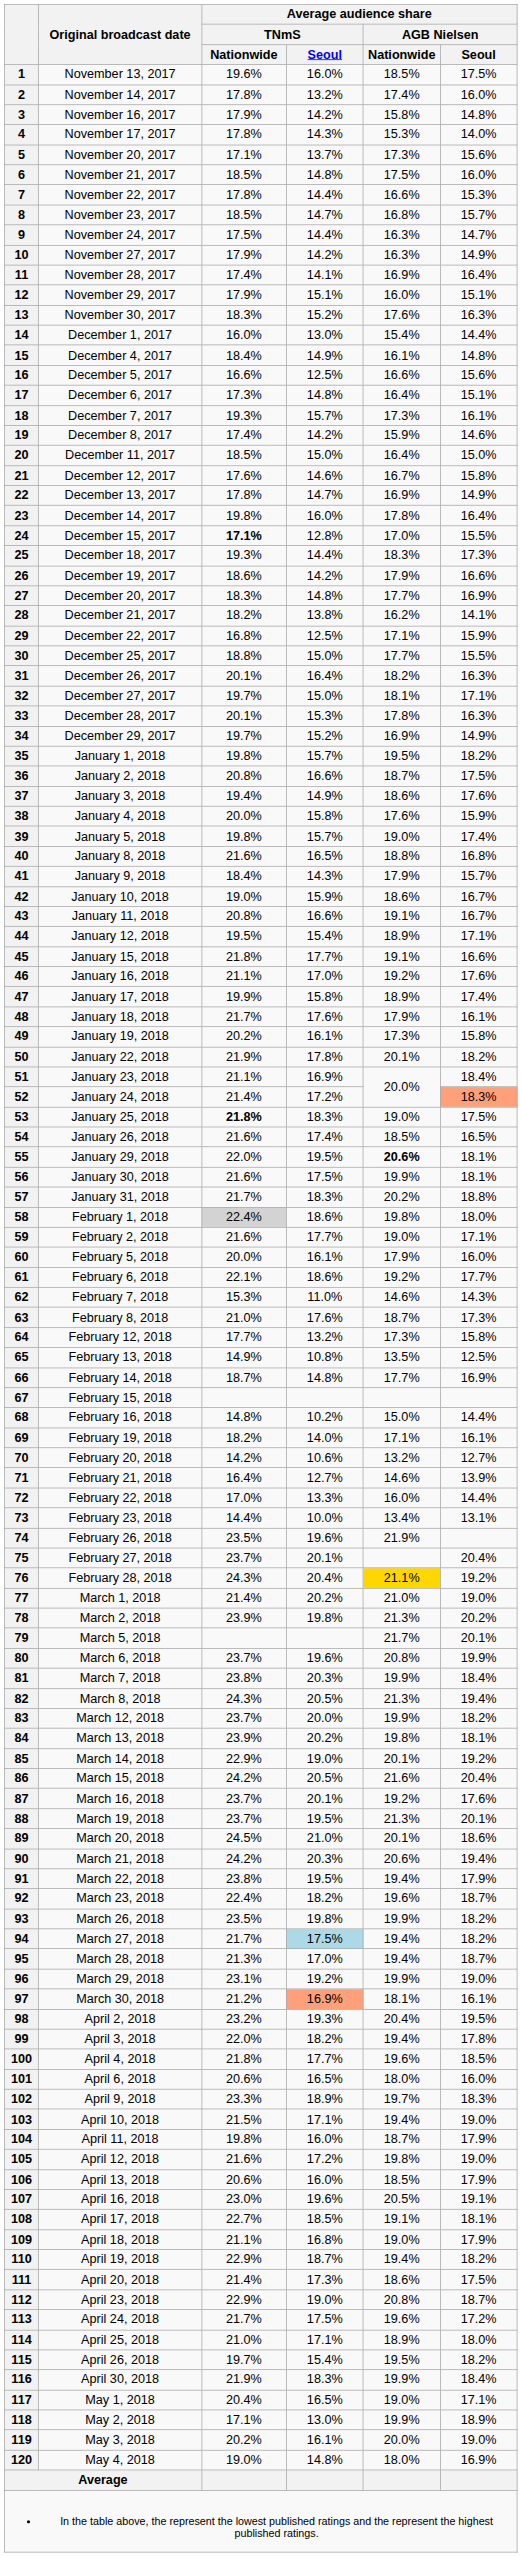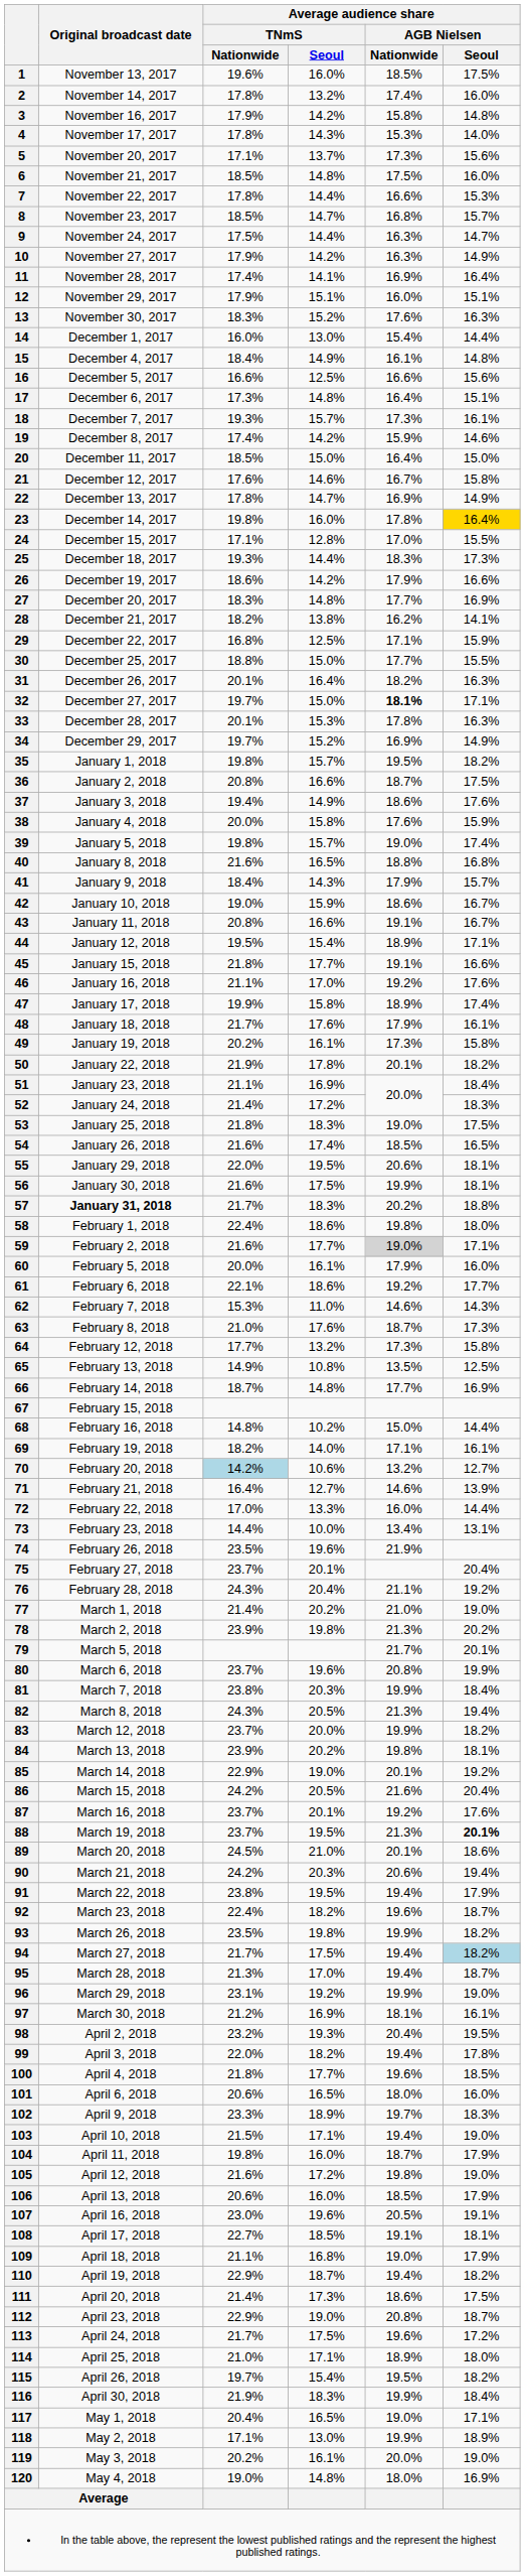 <table class="wikitable" style="text-align:center; max-width:650px">
 <tr>
 <th rowspan="3"></th>
 <th rowspan="3">Original broadcast date</th>
 <th colspan="4">Average audience share</th>
 </tr>
 <tr>
 <th colspan="2">TNmS</th>
 <th colspan="2">AGB Nielsen</th>
 </tr>
 <tr>
 <th width=100>Nationwide</th>
 <th width=90><a href='#'>Seoul</a></th>
 <th width=90>Nationwide</th>
 <th width=90>Seoul</th>
 </tr>
 <tr>
 <th>1</th>
 <td>November 13, 2017</td>
 <td>19.6% </td>
 <td>16.0% </td>
 <td>18.5% </td>
 <td>17.5% </td>
 </tr>
 <tr>
 <th>2</th>
 <td>November 14, 2017</td>
 <td>17.8% </td>
 <td>13.2% </td>
 <td>17.4% </td>
 <td>16.0% </td>
 </tr>
 <tr>
 <th>3</th>
 <td>November 16, 2017</td>
 <td>17.9% </td>
 <td>14.2% </td>
 <td>15.8% </td>
 <td>14.8% </td>
 </tr>
 <tr>
 <th>4</th>
 <td>November 17, 2017</td>
 <td>17.8% </td>
 <td>14.3% </td>
 <td>15.3% </td>
 <td>14.0% </td>
 </tr>
 <tr>
 <th>5</th>
 <td>November 20, 2017</td>
 <td>17.1% </td>
 <td>13.7% </td>
 <td>17.3% </td>
 <td>15.6% </td>
 </tr>
 <tr>
 <th>6</th>
 <td>November 21, 2017</td>
 <td>18.5% </td>
 <td>14.8% </td>
 <td>17.5% </td>
 <td>16.0% </td>
 </tr>
 <tr>
 <th>7</th>
 <td>November 22, 2017</td>
 <td>17.8% </td>
 <td>14.4% </td>
 <td>16.6% </td>
 <td>15.3% </td>
 </tr>
 <tr>
 <th>8</th>
 <td>November 23, 2017</td>
 <td>18.5% </td>
 <td>14.7% </td>
 <td>16.8% </td>
 <td>15.7% </td>
 </tr>
 <tr>
 <th>9</th>
 <td>November 24, 2017</td>
 <td>17.5% </td>
 <td>14.4% </td>
 <td>16.3% </td>
 <td>14.7% </td>
 </tr>
 <tr>
 <th>10</th>
 <td>November 27, 2017</td>
 <td>17.9% </td>
 <td>14.2% </td>
 <td>16.3% </td>
 <td>14.9% </td>
 </tr>
 <tr>
 <th>11</th>
 <td>November 28, 2017</td>
 <td>17.4% </td>
 <td>14.1% </td>
 <td>16.9% </td>
 <td>16.4% </td>
 </tr>
 <tr>
 <th>12</th>
 <td>November 29, 2017</td>
 <td>17.9% </td>
 <td>15.1% </td>
 <td>16.0% </td>
 <td>15.1% </td>
 </tr>
 <tr>
 <th>13</th>
 <td>November 30, 2017</td>
 <td>18.3% </td>
 <td>15.2% </td>
 <td>17.6% </td>
 <td>16.3% </td>
 </tr>
 <tr>
 <th>14</th>
 <td>December 1, 2017</td>
 <td>16.0% </td>
 <td>13.0% </td>
 <td>15.4% </td>
 <td>14.4% </td>
 </tr>
 <tr>
 <th>15</th>
 <td>December 4, 2017</td>
 <td>18.4% </td>
 <td>14.9% </td>
 <td>16.1% </td>
 <td>14.8% </td>
 </tr>
 <tr>
 <th>16</th>
 <td>December 5, 2017</td>
 <td>16.6% </td>
 <td>12.5% </td>
 <td>16.6% </td>
 <td>15.6% </td>
 </tr>
 <tr>
 <th>17</th>
 <td>December 6, 2017</td>
 <td>17.3% </td>
 <td>14.8% </td>
 <td>16.4% </td>
 <td>15.1% </td>
 </tr>
 <tr>
 <th>18</th>
 <td>December 7, 2017</td>
 <td>19.3% </td>
 <td>15.7% </td>
 <td>17.3% </td>
 <td>16.1% </td>
 </tr>
 <tr>
 <th>19</th>
 <td>December 8, 2017</td>
 <td>17.4% </td>
 <td>14.2% </td>
 <td>15.9% </td>
 <td>14.6% </td>
 </tr>
 <tr>
 <th>20</th>
 <td>December 11, 2017</td>
 <td>18.5% </td>
 <td>15.0% </td>
 <td>16.4% </td>
 <td>15.0% </td>
 </tr>
 <tr>
 <th>21</th>
 <td>December 12, 2017</td>
 <td>17.6% </td>
 <td>14.6% </td>
 <td>16.7% </td>
 <td>15.8% </td>
 </tr>
 <tr>
 <th>22</th>
 <td>December 13, 2017</td>
 <td>17.8% </td>
 <td>14.7% </td>
 <td>16.9% </td>
 <td>14.9% </td>
 </tr>
 <tr>
 <th>23</th>
 <td>December 14, 2017</td>
 <td>19.8% </td>
 <td>16.0% </td>
 <td>17.8% </td>
-<td>16.4% </td>
+<td style="background: gold;">16.4% </td>
 </tr>
 <tr>
 <th>24</th>
 <td>December 15, 2017</td>
-<td><strong>17.1% </strong></td>
+<td>17.1% </td>
 <td>12.8% </td>
 <td>17.0% </td>
 <td>15.5% </td>
 </tr>
 <tr>
 <th>25</th>
 <td>December 18, 2017</td>
 <td>19.3% </td>
 <td>14.4% </td>
 <td>18.3% </td>
 <td>17.3% </td>
 </tr>
 <tr>
 <th>26</th>
 <td>December 19, 2017</td>
 <td>18.6% </td>
 <td>14.2% </td>
 <td>17.9% </td>
 <td>16.6% </td>
 </tr>
 <tr>
 <th>27</th>
 <td>December 20, 2017</td>
 <td>18.3% </td>
 <td>14.8% </td>
 <td>17.7% </td>
 <td>16.9% </td>
 </tr>
 <tr>
 <th>28</th>
 <td>December 21, 2017</td>
 <td>18.2% </td>
 <td>13.8% </td>
 <td>16.2% </td>
 <td>14.1% </td>
 </tr>
 <tr>
 <th>29</th>
 <td>December 22, 2017</td>
 <td>16.8% </td>
 <td>12.5% </td>
 <td>17.1% </td>
 <td>15.9% </td>
 </tr>
 <tr>
 <th>30</th>
 <td>December 25, 2017</td>
 <td>18.8% </td>
 <td>15.0% </td>
 <td>17.7% </td>
 <td>15.5% </td>
 </tr>
 <tr>
 <th>31</th>
 <td>December 26, 2017</td>
 <td>20.1% </td>
 <td>16.4% </td>
 <td>18.2% </td>
 <td>16.3% </td>
 </tr>
 <tr>
 <th>32</th>
 <td>December 27, 2017</td>
 <td>19.7% </td>
 <td>15.0% </td>
-<td>18.1% </td>
+<td><strong>18.1% </strong></td>
 <td>17.1% </td>
 </tr>
 <tr>
 <th>33</th>
 <td>December 28, 2017</td>
 <td>20.1% </td>
 <td>15.3% </td>
 <td>17.8% </td>
 <td>16.3% </td>
 </tr>
 <tr>
 <th>34</th>
 <td>December 29, 2017</td>
 <td>19.7% </td>
 <td>15.2% </td>
 <td>16.9% </td>
 <td>14.9% </td>
 </tr>
 <tr>
 <th>35</th>
 <td>January 1, 2018</td>
 <td>19.8% </td>
 <td>15.7% </td>
 <td>19.5% </td>
 <td>18.2% </td>
 </tr>
 <tr>
 <th>36</th>
 <td>January 2, 2018</td>
 <td>20.8% </td>
 <td>16.6% </td>
 <td>18.7% </td>
 <td>17.5% </td>
 </tr>
 <tr>
 <th>37</th>
 <td>January 3, 2018</td>
 <td>19.4% </td>
 <td>14.9% </td>
 <td>18.6% </td>
 <td>17.6% </td>
 </tr>
 <tr>
 <th>38</th>
 <td>January 4, 2018</td>
 <td>20.0% </td>
 <td>15.8% </td>
 <td>17.6% </td>
 <td>15.9% </td>
 </tr>
 <tr>
 <th>39</th>
 <td>January 5, 2018</td>
 <td>19.8% </td>
 <td>15.7% </td>
 <td>19.0% </td>
 <td>17.4% </td>
 </tr>
 <tr>
 <th>40</th>
 <td>January 8, 2018</td>
 <td>21.6% </td>
 <td>16.5%</td>
 <td>18.8% </td>
 <td>16.8% </td>
 </tr>
 <tr>
 <th>41</th>
 <td>January 9, 2018</td>
 <td>18.4% </td>
 <td>14.3%</td>
 <td>17.9% </td>
 <td>15.7% </td>
 </tr>
 <tr>
 <th>42</th>
 <td>January 10, 2018</td>
 <td>19.0% </td>
 <td>15.9%</td>
 <td>18.6% </td>
 <td>16.7% </td>
 </tr>
 <tr>
 <th>43</th>
 <td>January 11, 2018</td>
 <td>20.8% </td>
 <td>16.6%</td>
 <td>19.1% </td>
 <td>16.7% </td>
 </tr>
 <tr>
 <th>44</th>
 <td>January 12, 2018</td>
 <td>19.5% </td>
 <td>15.4%</td>
 <td>18.9% </td>
 <td>17.1% </td>
 </tr>
 <tr>
 <th>45</th>
 <td>January 15, 2018</td>
 <td>21.8% </td>
 <td>17.7%</td>
 <td>19.1% </td>
 <td>16.6% </td>
 </tr>
 <tr>
 <th>46</th>
 <td>January 16, 2018</td>
 <td>21.1% </td>
 <td>17.0%</td>
 <td>19.2% </td>
 <td>17.6% </td>
 </tr>
 <tr>
 <th>47</th>
 <td>January 17, 2018</td>
 <td>19.9% </td>
 <td>15.8%</td>
 <td>18.9% </td>
 <td>17.4% </td>
 </tr>
 <tr>
 <th>48</th>
 <td>January 18, 2018</td>
 <td>21.7% </td>
 <td>17.6%</td>
 <td>17.9% </td>
 <td>16.1% </td>
 </tr>
 <tr>
 <th>49</th>
 <td>January 19, 2018</td>
 <td>20.2% </td>
 <td>16.1%</td>
 <td>17.3% </td>
 <td>15.8% </td>
 </tr>
 <tr>
 <th>50</th>
 <td>January 22, 2018</td>
 <td>21.9% </td>
 <td>17.8%</td>
 <td>20.1% </td>
 <td>18.2% </td>
 </tr>
 <tr>
 <th>51</th>
 <td>January 23, 2018</td>
 <td>21.1% </td>
 <td>16.9%</td>
 <td rowspan=2>20.0% </td>
 <td>18.4% </td>
 </tr>
 <tr>
 <th>52</th>
 <td>January 24, 2018</td>
 <td>21.4% </td>
 <td>17.2%</td>
-<td style="background: lightsalmon;">18.3% </td>
+<td>18.3% </td>
 </tr>
 <tr>
 <th>53</th>
 <td>January 25, 2018</td>
-<td><strong>21.8% </strong></td>
+<td>21.8% </td>
 <td>18.3%</td>
 <td>19.0% </td>
 <td>17.5% </td>
 </tr>
 <tr>
 <th>54</th>
 <td>January 26, 2018</td>
 <td>21.6% </td>
 <td>17.4%</td>
 <td>18.5% </td>
 <td>16.5% </td>
 </tr>
 <tr>
 <th>55</th>
 <td>January 29, 2018</td>
 <td>22.0% </td>
 <td>19.5%</td>
-<td><strong>20.6% </strong></td>
+<td>20.6% </td>
 <td>18.1% </td>
 </tr>
 <tr>
 <th>56</th>
 <td>January 30, 2018</td>
 <td>21.6% </td>
 <td>17.5%</td>
 <td>19.9% </td>
 <td>18.1% </td>
 </tr>
 <tr>
 <th>57</th>
-<td>January 31, 2018</td>
+<td><strong>January 31, 2018</strong></td>
 <td>21.7% </td>
 <td>18.3%</td>
 <td>20.2% </td>
 <td>18.8% </td>
 </tr>
 <tr>
 <th>58</th>
 <td>February 1, 2018</td>
-<td style="background: lightgrey;">22.4% </td>
+<td>22.4% </td>
 <td>18.6%</td>
 <td>19.8% </td>
 <td>18.0% </td>
 </tr>
 <tr>
 <th>59</th>
 <td>February 2, 2018</td>
 <td>21.6% </td>
 <td>17.7%</td>
-<td>19.0% </td>
+<td style="background: lightgrey;">19.0% </td>
 <td>17.1% </td>
 </tr>
 <tr>
 <th>60</th>
 <td>February 5, 2018</td>
 <td>20.0% </td>
 <td>16.1%</td>
 <td>17.9% </td>
 <td>16.0% </td>
 </tr>
 <tr>
 <th>61</th>
 <td>February 6, 2018</td>
 <td>22.1% </td>
 <td>18.6%</td>
 <td>19.2% </td>
 <td>17.7% </td>
 </tr>
 <tr>
 <th>62</th>
 <td>February 7, 2018</td>
 <td>15.3% </td>
 <td>11.0%</td>
 <td>14.6% </td>
 <td>14.3% </td>
 </tr>
 <tr>
 <th>63</th>
 <td>February 8, 2018</td>
 <td>21.0% </td>
 <td>17.6%</td>
 <td>18.7% </td>
 <td>17.3% </td>
 </tr>
 <tr>
 <th>64</th>
 <td>February 12, 2018</td>
 <td>17.7% </td>
 <td>13.2%</td>
 <td>17.3% </td>
 <td>15.8% </td>
 </tr>
 <tr>
 <th>65</th>
 <td>February 13, 2018</td>
 <td>14.9% </td>
 <td>10.8%</td>
 <td>13.5% </td>
 <td>12.5% </td>
 </tr>
 <tr>
 <th>66</th>
 <td>February 14, 2018</td>
 <td>18.7% </td>
 <td>14.8%</td>
 <td>17.7% </td>
 <td>16.9% </td>
 </tr>
 <tr>
 <th>67</th>
 <td>February 15, 2018</td>
 <td> </td>
 <td></td>
 <td> </td>
 <td> </td>
 </tr>
 <tr>
 <th>68</th>
 <td>February 16, 2018</td>
 <td>14.8% </td>
 <td>10.2%</td>
 <td>15.0% </td>
 <td>14.4% </td>
 </tr>
 <tr>
 <th>69</th>
 <td>February 19, 2018</td>
 <td>18.2% </td>
 <td>14.0%</td>
 <td>17.1% </td>
 <td>16.1% </td>
 </tr>
 <tr>
 <th>70</th>
 <td>February 20, 2018</td>
-<td>14.2% </td>
+<td style="background: lightblue;">14.2% </td>
 <td>10.6%</td>
 <td>13.2% </td>
 <td>12.7% </td>
 </tr>
 <tr>
 <th>71</th>
 <td>February 21, 2018</td>
 <td>16.4% </td>
 <td>12.7%</td>
 <td>14.6% </td>
 <td>13.9% </td>
 </tr>
 <tr>
 <th>72</th>
 <td>February 22, 2018</td>
 <td>17.0% </td>
 <td>13.3%</td>
 <td>16.0% </td>
 <td>14.4% </td>
 </tr>
 <tr>
 <th>73</th>
 <td>February 23, 2018</td>
 <td>14.4% </td>
 <td>10.0%</td>
 <td>13.4% </td>
 <td>13.1% </td>
 </tr>
 <tr>
 <th>74</th>
 <td>February 26, 2018</td>
 <td>23.5% </td>
 <td>19.6%</td>
 <td>21.9% </td>
 <td> </td>
 </tr>
 <tr>
 <th>75</th>
 <td>February 27, 2018</td>
 <td>23.7% </td>
 <td>20.1%</td>
 <td> </td>
 <td>20.4% </td>
 </tr>
 <tr>
 <th>76</th>
 <td>February 28, 2018</td>
 <td>24.3% </td>
 <td>20.4%</td>
-<td style="background: gold;">21.1% </td>
+<td>21.1% </td>
 <td>19.2% </td>
 </tr>
 <tr>
 <th>77</th>
 <td>March 1, 2018</td>
 <td>21.4% </td>
 <td>20.2%</td>
 <td>21.0% </td>
 <td>19.0% </td>
 </tr>
 <tr>
 <th>78</th>
 <td>March 2, 2018</td>
 <td>23.9% </td>
 <td>19.8%</td>
 <td>21.3% </td>
 <td>20.2% </td>
 </tr>
 <tr>
 <th>79</th>
 <td>March 5, 2018</td>
 <td> </td>
 <td></td>
 <td>21.7% </td>
 <td>20.1% </td>
 </tr>
 <tr>
 <th>80</th>
 <td>March 6, 2018</td>
 <td>23.7% </td>
 <td>19.6%</td>
 <td>20.8% </td>
 <td>19.9% </td>
 </tr>
 <tr>
 <th>81</th>
 <td>March 7, 2018</td>
 <td>23.8% </td>
 <td>20.3%</td>
 <td>19.9% </td>
 <td>18.4% </td>
 </tr>
 <tr>
 <th>82</th>
 <td>March 8, 2018</td>
 <td>24.3% </td>
 <td>20.5%</td>
 <td>21.3% </td>
 <td>19.4% </td>
 </tr>
 <tr>
 <th>83</th>
 <td>March 12, 2018</td>
 <td>23.7% </td>
 <td>20.0%</td>
 <td>19.9% </td>
 <td>18.2% </td>
 </tr>
 <tr>
 <th>84</th>
 <td>March 13, 2018</td>
 <td>23.9% </td>
 <td>20.2%</td>
 <td>19.8% </td>
 <td>18.1% </td>
 </tr>
 <tr>
 <th>85</th>
 <td>March 14, 2018</td>
 <td>22.9% </td>
 <td>19.0%</td>
 <td>20.1% </td>
 <td>19.2% </td>
 </tr>
 <tr>
 <th>86</th>
 <td>March 15, 2018</td>
 <td>24.2% </td>
 <td>20.5%</td>
 <td>21.6% </td>
 <td>20.4% </td>
 </tr>
 <tr>
 <th>87</th>
 <td>March 16, 2018</td>
 <td>23.7% </td>
 <td>20.1%</td>
 <td>19.2% </td>
 <td>17.6% </td>
 </tr>
 <tr>
 <th>88</th>
 <td>March 19, 2018</td>
 <td>23.7% </td>
 <td>19.5%</td>
 <td>21.3% </td>
-<td>20.1% </td>
+<td><strong>20.1% </strong></td>
 </tr>
 <tr>
 <th>89</th>
 <td>March 20, 2018</td>
 <td>24.5% </td>
 <td>21.0%</td>
 <td>20.1% </td>
 <td>18.6% </td>
 </tr>
 <tr>
 <th>90</th>
 <td>March 21, 2018</td>
 <td>24.2% </td>
 <td>20.3%</td>
 <td>20.6% </td>
 <td>19.4% </td>
 </tr>
 <tr>
 <th>91</th>
 <td>March 22, 2018</td>
 <td>23.8% </td>
 <td>19.5%</td>
 <td>19.4% </td>
 <td>17.9% </td>
 </tr>
 <tr>
 <th>92</th>
 <td>March 23, 2018</td>
 <td>22.4% </td>
 <td>18.2%</td>
 <td>19.6% </td>
 <td>18.7% </td>
 </tr>
 <tr>
 <th>93</th>
 <td>March 26, 2018</td>
 <td>23.5% </td>
 <td>19.8%</td>
 <td>19.9% </td>
 <td>18.2% </td>
 </tr>
 <tr>
 <th>94</th>
 <td>March 27, 2018</td>
 <td>21.7% </td>
-<td style="background: lightblue;">17.5%</td>
+<td>17.5%</td>
 <td>19.4% </td>
-<td>18.2% </td>
+<td style="background: lightblue;">18.2% </td>
 </tr>
 <tr>
 <th>95</th>
 <td>March 28, 2018</td>
 <td>21.3% </td>
 <td>17.0%</td>
 <td>19.4% </td>
 <td>18.7% </td>
 </tr>
 <tr>
 <th>96</th>
 <td>March 29, 2018</td>
 <td>23.1% </td>
 <td>19.2%</td>
 <td>19.9% </td>
 <td>19.0% </td>
 </tr>
 <tr>
 <th>97</th>
 <td>March 30, 2018</td>
 <td>21.2% </td>
-<td style="background: lightsalmon;">16.9%</td>
+<td>16.9%</td>
 <td>18.1% </td>
 <td>16.1% </td>
 </tr>
 <tr>
 <th>98</th>
 <td>April 2, 2018</td>
 <td>23.2% </td>
 <td>19.3%</td>
 <td>20.4% </td>
 <td>19.5% </td>
 </tr>
 <tr>
 <th>99</th>
 <td>April 3, 2018</td>
 <td>22.0% </td>
 <td>18.2%</td>
 <td>19.4% </td>
 <td>17.8% </td>
 </tr>
 <tr>
 <th>100</th>
 <td>April 4, 2018</td>
 <td>21.8% </td>
 <td>17.7%</td>
 <td>19.6% </td>
 <td>18.5% </td>
 </tr>
 <tr>
 <th>101</th>
 <td>April 6, 2018</td>
 <td>20.6% </td>
 <td>16.5%</td>
 <td>18.0% </td>
 <td>16.0% </td>
 </tr>
 <tr>
 <th>102</th>
 <td>April 9, 2018</td>
 <td>23.3% </td>
 <td>18.9%</td>
 <td>19.7% </td>
 <td>18.3% </td>
 </tr>
 <tr>
 <th>103</th>
 <td>April 10, 2018</td>
 <td>21.5% </td>
 <td>17.1%</td>
 <td>19.4% </td>
 <td>19.0% </td>
 </tr>
 <tr>
 <th>104</th>
 <td>April 11, 2018</td>
 <td>19.8% </td>
 <td>16.0%</td>
 <td>18.7% </td>
 <td>17.9% </td>
 </tr>
 <tr>
 <th>105</th>
 <td>April 12, 2018</td>
 <td>21.6% </td>
 <td>17.2%</td>
 <td>19.8% </td>
 <td>19.0% </td>
 </tr>
 <tr>
 <th>106</th>
 <td>April 13, 2018</td>
 <td>20.6% </td>
 <td>16.0%</td>
 <td>18.5% </td>
 <td>17.9% </td>
 </tr>
 <tr>
 <th>107</th>
 <td>April 16, 2018</td>
 <td>23.0% </td>
 <td>19.6%</td>
 <td>20.5% </td>
 <td>19.1% </td>
 </tr>
 <tr>
 <th>108</th>
 <td>April 17, 2018</td>
 <td>22.7% </td>
 <td>18.5%</td>
 <td>19.1% </td>
 <td>18.1% </td>
 </tr>
 <tr>
 <th>109</th>
 <td>April 18, 2018</td>
 <td>21.1% </td>
 <td>16.8%</td>
 <td>19.0% </td>
 <td>17.9% </td>
 </tr>
 <tr>
 <th>110</th>
 <td>April 19, 2018</td>
 <td>22.9% </td>
 <td>18.7%</td>
 <td>19.4% </td>
 <td>18.2% </td>
 </tr>
 <tr>
 <th>111</th>
 <td>April 20, 2018</td>
 <td>21.4% </td>
 <td>17.3%</td>
 <td>18.6% </td>
 <td>17.5% </td>
 </tr>
 <tr>
 <th>112</th>
 <td>April 23, 2018</td>
 <td>22.9% </td>
 <td>19.0%</td>
 <td>20.8% </td>
 <td>18.7% </td>
 </tr>
 <tr>
 <th>113</th>
 <td>April 24, 2018</td>
 <td>21.7% </td>
 <td>17.5%</td>
 <td>19.6% </td>
 <td>17.2% </td>
 </tr>
 <tr>
 <th>114</th>
 <td>April 25, 2018</td>
 <td>21.0% </td>
 <td>17.1%</td>
 <td>18.9% </td>
 <td>18.0% </td>
 </tr>
 <tr>
 <th>115</th>
 <td>April 26, 2018</td>
 <td>19.7% </td>
 <td>15.4%</td>
 <td>19.5% </td>
 <td>18.2% </td>
 </tr>
 <tr>
 <th>116</th>
 <td>April 30, 2018</td>
 <td>21.9% </td>
 <td>18.3%</td>
 <td>19.9% </td>
 <td>18.4% </td>
 </tr>
 <tr>
 <th>117</th>
 <td>May 1, 2018</td>
 <td>20.4% </td>
 <td>16.5%</td>
 <td>19.0% </td>
 <td>17.1% </td>
 </tr>
 <tr>
 <th>118</th>
 <td>May 2, 2018</td>
 <td>17.1% </td>
 <td>13.0%</td>
 <td>19.9% </td>
 <td>18.9% </td>
 </tr>
 <tr>
 <th>119</th>
 <td>May 3, 2018</td>
 <td>20.2% </td>
 <td>16.1%</td>
 <td>20.0% </td>
 <td>19.0% </td>
 </tr>
 <tr>
 <th>120</th>
 <td>May 4, 2018</td>
 <td>19.0% </td>
 <td>14.8%</td>
 <td>18.0% </td>
 <td>16.9% </td>
 </tr>
 <tr>
 <th colspan="2">Average</th>
 <th></th>
 <th></th>
 <th></th>
 <th></th>
 </tr>
 <tr>
 <td colspan="6" style="font-size:85%"><br><ul><li>In the table above, the <strong></strong> represent the lowest published ratings and the <strong></strong> represent the highest published ratings.</li></ul></td>
 </tr>
 </table>
